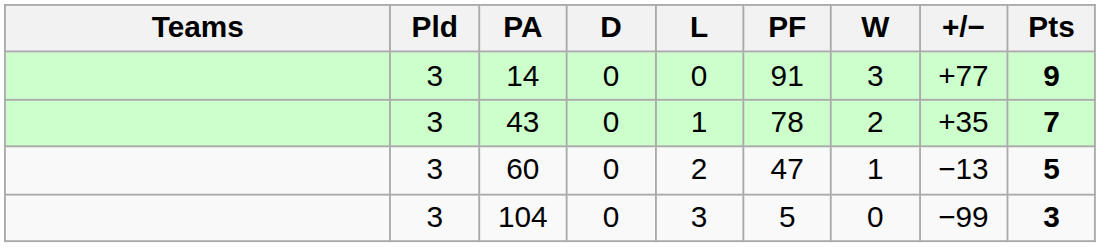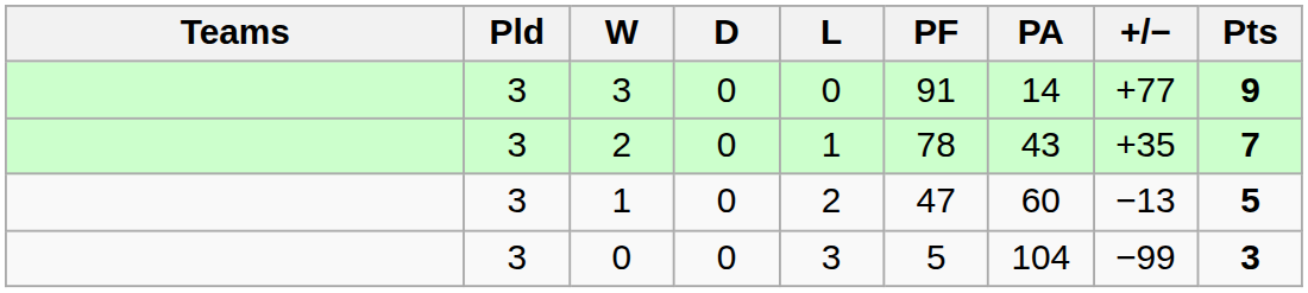 <table class="wikitable" style="text-align: center;">
 <tr>
 <th style="width:200px;">Teams</th>
 <th width="40">Pld</th>
-<th width="40">PA</th>
+<th width="40">W</th>
 <th width="40">D</th>
 <th width="40">L</th>
 <th width="40">PF</th>
-<th width="40">W</th>
+<th width="40">PA</th>
 <th width="40">+/−</th>
 <th width="40">Pts</th>
 </tr>
 <tr style="background:#cfc;">
 <td align=left></td>
 <td>3</td>
-<td>14</td>
+<td>3</td>
 <td>0</td>
 <td>0</td>
 <td>91</td>
-<td>3</td>
+<td>14</td>
 <td>+77</td>
 <td><strong>9</strong></td>
 </tr>
 <tr style="background:#cfc;">
 <td align=left></td>
 <td>3</td>
-<td>43</td>
+<td>2</td>
 <td>0</td>
 <td>1</td>
 <td>78</td>
-<td>2</td>
+<td>43</td>
 <td>+35</td>
 <td><strong>7</strong></td>
 </tr>
 <tr>
 <td align=left></td>
 <td>3</td>
-<td>60</td>
+<td>1</td>
 <td>0</td>
 <td>2</td>
 <td>47</td>
-<td>1</td>
+<td>60</td>
 <td>−13</td>
 <td><strong>5</strong></td>
 </tr>
 <tr>
 <td align=left></td>
 <td>3</td>
-<td>104</td>
+<td>0</td>
 <td>0</td>
 <td>3</td>
 <td>5</td>
-<td>0</td>
+<td>104</td>
 <td>−99</td>
 <td><strong>3</strong></td>
 </tr>
 </table>
